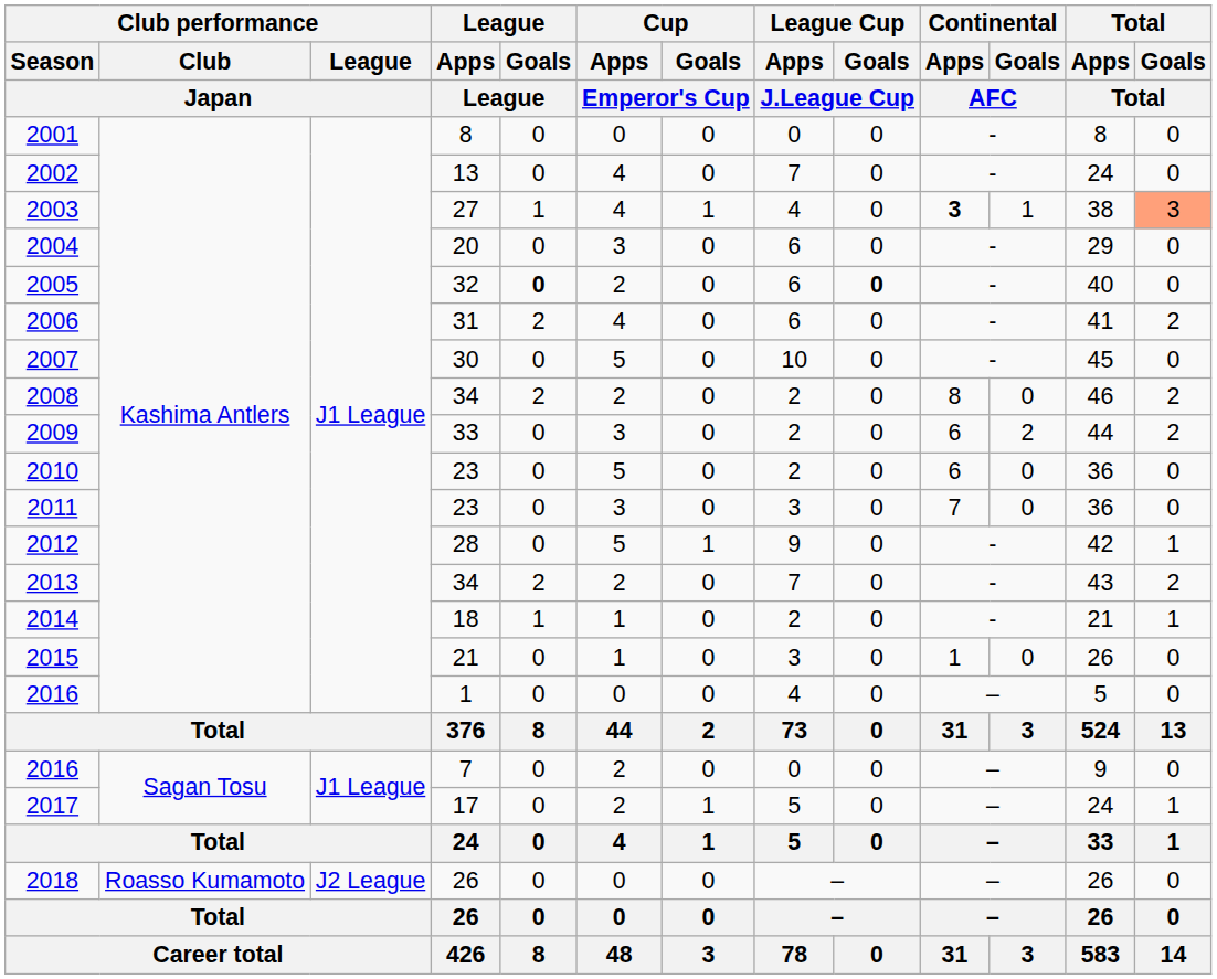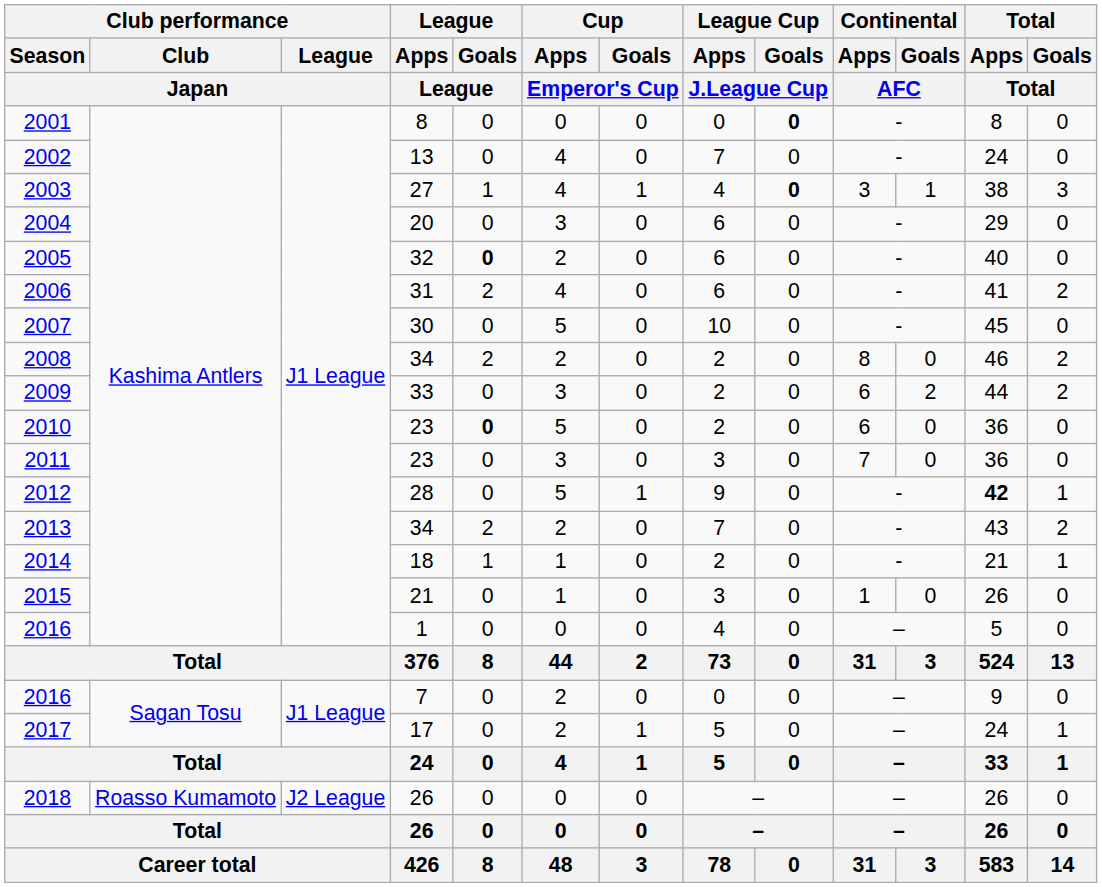 <table class="wikitable" style="text-align:center">
 <tr>
 <th colspan=3>Club performance</th>
 <th colspan=2>League</th>
 <th colspan=2>Cup</th>
 <th colspan=2>League Cup</th>
 <th colspan=2>Continental</th>
 <th colspan=2>Total</th>
 </tr>
 <tr>
 <th>Season</th>
 <th>Club</th>
 <th>League</th>
 <th>Apps</th>
 <th>Goals</th>
 <th>Apps</th>
 <th>Goals</th>
 <th>Apps</th>
 <th>Goals</th>
 <th>Apps</th>
 <th>Goals</th>
 <th>Apps</th>
 <th>Goals</th>
 </tr>
 <tr>
 <th colspan=3>Japan</th>
 <th colspan=2>League</th>
 <th colspan=2><a href='#'>Emperor's Cup</a></th>
 <th colspan=2><a href='#'>J.League Cup</a></th>
 <th colspan=2><a href='#'>AFC</a></th>
 <th colspan=2>Total</th>
 </tr>
 <tr>
 <td><a href='#'>2001</a></td>
 <td rowspan="16"><a href='#'>Kashima Antlers</a></td>
 <td rowspan="16"><a href='#'>J1 League</a></td>
 <td>8</td>
 <td>0</td>
 <td>0</td>
 <td>0</td>
 <td>0</td>
-<td>0</td>
+<td><strong>0</strong></td>
 <td colspan="2">-</td>
 <td>8</td>
 <td>0</td>
 </tr>
 <tr>
 <td><a href='#'>2002</a></td>
 <td>13</td>
 <td>0</td>
 <td>4</td>
 <td>0</td>
 <td>7</td>
 <td>0</td>
 <td colspan="2">-</td>
 <td>24</td>
 <td>0</td>
 </tr>
 <tr>
 <td><a href='#'>2003</a></td>
 <td>27</td>
 <td>1</td>
 <td>4</td>
 <td>1</td>
 <td>4</td>
-<td>0</td>
-<td><strong>3</strong></td>
+<td><strong>0</strong></td>
+<td>3</td>
 <td>1</td>
 <td>38</td>
-<td style="background: lightsalmon;">3</td>
+<td>3</td>
 </tr>
 <tr>
 <td><a href='#'>2004</a></td>
 <td>20</td>
 <td>0</td>
 <td>3</td>
 <td>0</td>
 <td>6</td>
 <td>0</td>
 <td colspan="2">-</td>
 <td>29</td>
 <td>0</td>
 </tr>
 <tr>
 <td><a href='#'>2005</a></td>
 <td>32</td>
 <td><strong>0</strong></td>
 <td>2</td>
 <td>0</td>
 <td>6</td>
-<td><strong>0</strong></td>
+<td>0</td>
 <td colspan="2">-</td>
 <td>40</td>
 <td>0</td>
 </tr>
 <tr>
 <td><a href='#'>2006</a></td>
 <td>31</td>
 <td>2</td>
 <td>4</td>
 <td>0</td>
 <td>6</td>
 <td>0</td>
 <td colspan="2">-</td>
 <td>41</td>
 <td>2</td>
 </tr>
 <tr>
 <td><a href='#'>2007</a></td>
 <td>30</td>
 <td>0</td>
 <td>5</td>
 <td>0</td>
 <td>10</td>
 <td>0</td>
 <td colspan="2">-</td>
 <td>45</td>
 <td>0</td>
 </tr>
 <tr>
 <td><a href='#'>2008</a></td>
 <td>34</td>
 <td>2</td>
 <td>2</td>
 <td>0</td>
 <td>2</td>
 <td>0</td>
 <td>8</td>
 <td>0</td>
 <td>46</td>
 <td>2</td>
 </tr>
 <tr>
 <td><a href='#'>2009</a></td>
 <td>33</td>
 <td>0</td>
 <td>3</td>
 <td>0</td>
 <td>2</td>
 <td>0</td>
 <td>6</td>
 <td>2</td>
 <td>44</td>
 <td>2</td>
 </tr>
 <tr>
 <td><a href='#'>2010</a></td>
 <td>23</td>
-<td>0</td>
+<td><strong>0</strong></td>
 <td>5</td>
 <td>0</td>
 <td>2</td>
 <td>0</td>
 <td>6</td>
 <td>0</td>
 <td>36</td>
 <td>0</td>
 </tr>
 <tr>
 <td><a href='#'>2011</a></td>
 <td>23</td>
 <td>0</td>
 <td>3</td>
 <td>0</td>
 <td>3</td>
 <td>0</td>
 <td>7</td>
 <td>0</td>
 <td>36</td>
 <td>0</td>
 </tr>
 <tr>
 <td><a href='#'>2012</a></td>
 <td>28</td>
 <td>0</td>
 <td>5</td>
 <td>1</td>
 <td>9</td>
 <td>0</td>
 <td colspan="2">-</td>
-<td>42</td>
+<td><strong>42</strong></td>
 <td>1</td>
 </tr>
 <tr>
 <td><a href='#'>2013</a></td>
 <td>34</td>
 <td>2</td>
 <td>2</td>
 <td>0</td>
 <td>7</td>
 <td>0</td>
 <td colspan="2">-</td>
 <td>43</td>
 <td>2</td>
 </tr>
 <tr>
 <td><a href='#'>2014</a></td>
 <td>18</td>
 <td>1</td>
 <td>1</td>
 <td>0</td>
 <td>2</td>
 <td>0</td>
 <td colspan="2">-</td>
 <td>21</td>
 <td>1</td>
 </tr>
 <tr>
 <td><a href='#'>2015</a></td>
 <td>21</td>
 <td>0</td>
 <td>1</td>
 <td>0</td>
 <td>3</td>
 <td>0</td>
 <td>1</td>
 <td>0</td>
 <td>26</td>
 <td>0</td>
 </tr>
 <tr>
 <td><a href='#'>2016</a></td>
 <td>1</td>
 <td>0</td>
 <td>0</td>
 <td>0</td>
 <td>4</td>
 <td>0</td>
 <td colspan="2">–</td>
 <td>5</td>
 <td>0</td>
 </tr>
 <tr>
 <th colspan="3">Total</th>
 <th>376</th>
 <th>8</th>
 <th>44</th>
 <th>2</th>
 <th>73</th>
 <th>0</th>
 <th>31</th>
 <th>3</th>
 <th>524</th>
 <th>13</th>
 </tr>
 <tr>
 <td><a href='#'>2016</a></td>
 <td rowspan="2"><a href='#'>Sagan Tosu</a></td>
 <td rowspan="2"><a href='#'>J1 League</a></td>
 <td>7</td>
 <td>0</td>
 <td>2</td>
 <td>0</td>
 <td>0</td>
 <td>0</td>
 <td colspan="2">–</td>
 <td>9</td>
 <td>0</td>
 </tr>
 <tr>
 <td><a href='#'>2017</a></td>
 <td>17</td>
 <td>0</td>
 <td>2</td>
 <td>1</td>
 <td>5</td>
 <td>0</td>
 <td colspan="2">–</td>
 <td>24</td>
 <td>1</td>
 </tr>
 <tr>
 <th colspan="3">Total</th>
 <th>24</th>
 <th>0</th>
 <th>4</th>
 <th>1</th>
 <th>5</th>
 <th>0</th>
 <th colspan="2">–</th>
 <th>33</th>
 <th>1</th>
 </tr>
 <tr>
 <td><a href='#'>2018</a></td>
 <td><a href='#'>Roasso Kumamoto</a></td>
 <td><a href='#'>J2 League</a></td>
 <td>26</td>
 <td>0</td>
 <td>0</td>
 <td>0</td>
 <td colspan="2">–</td>
 <td colspan="2">–</td>
 <td>26</td>
 <td>0</td>
 </tr>
 <tr>
 <th colspan="3">Total</th>
 <th>26</th>
 <th>0</th>
 <th>0</th>
 <th>0</th>
 <th colspan="2">–</th>
 <th colspan="2">–</th>
 <th>26</th>
 <th>0</th>
 </tr>
 <tr>
 <th colspan=3>Career total</th>
 <th>426</th>
 <th>8</th>
 <th>48</th>
 <th>3</th>
 <th>78</th>
 <th>0</th>
 <th>31</th>
 <th>3</th>
 <th>583</th>
 <th>14</th>
 </tr>
 </table>
